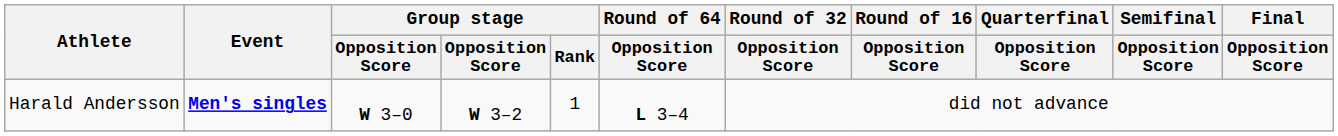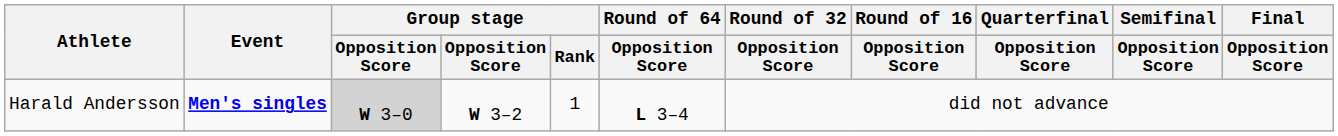 <table class="wikitable" style="font-size:90%">
 <tr>
 <th rowspan=2>Athlete</th>
 <th rowspan=2>Event</th>
 <th colspan=3>Group stage</th>
 <th>Round of 64</th>
 <th>Round of 32</th>
 <th>Round of 16</th>
 <th>Quarterfinal</th>
 <th>Semifinal</th>
 <th>Final</th>
 </tr>
 <tr style="font-size:95%">
 <th>Opposition<br>Score</th>
 <th>Opposition<br>Score</th>
 <th>Rank</th>
 <th>Opposition<br>Score</th>
 <th>Opposition<br>Score</th>
 <th>Opposition<br>Score</th>
 <th>Opposition<br>Score</th>
 <th>Opposition<br>Score</th>
 <th>Opposition<br>Score</th>
 </tr>
 <tr align=center>
 <td align=left>Harald Andersson</td>
 <td align=left><strong><a href='#'>Men's singles</a></strong></td>
-<td><br><strong>W</strong> 3–0</td>
+<td style="background: lightgrey;"><br><strong>W</strong> 3–0</td>
 <td><br><strong>W</strong> 3–2</td>
 <td>1</td>
 <td><br><strong>L</strong> 3–4</td>
 <td colspan=5>did not advance</td>
 </tr>
 </table>
